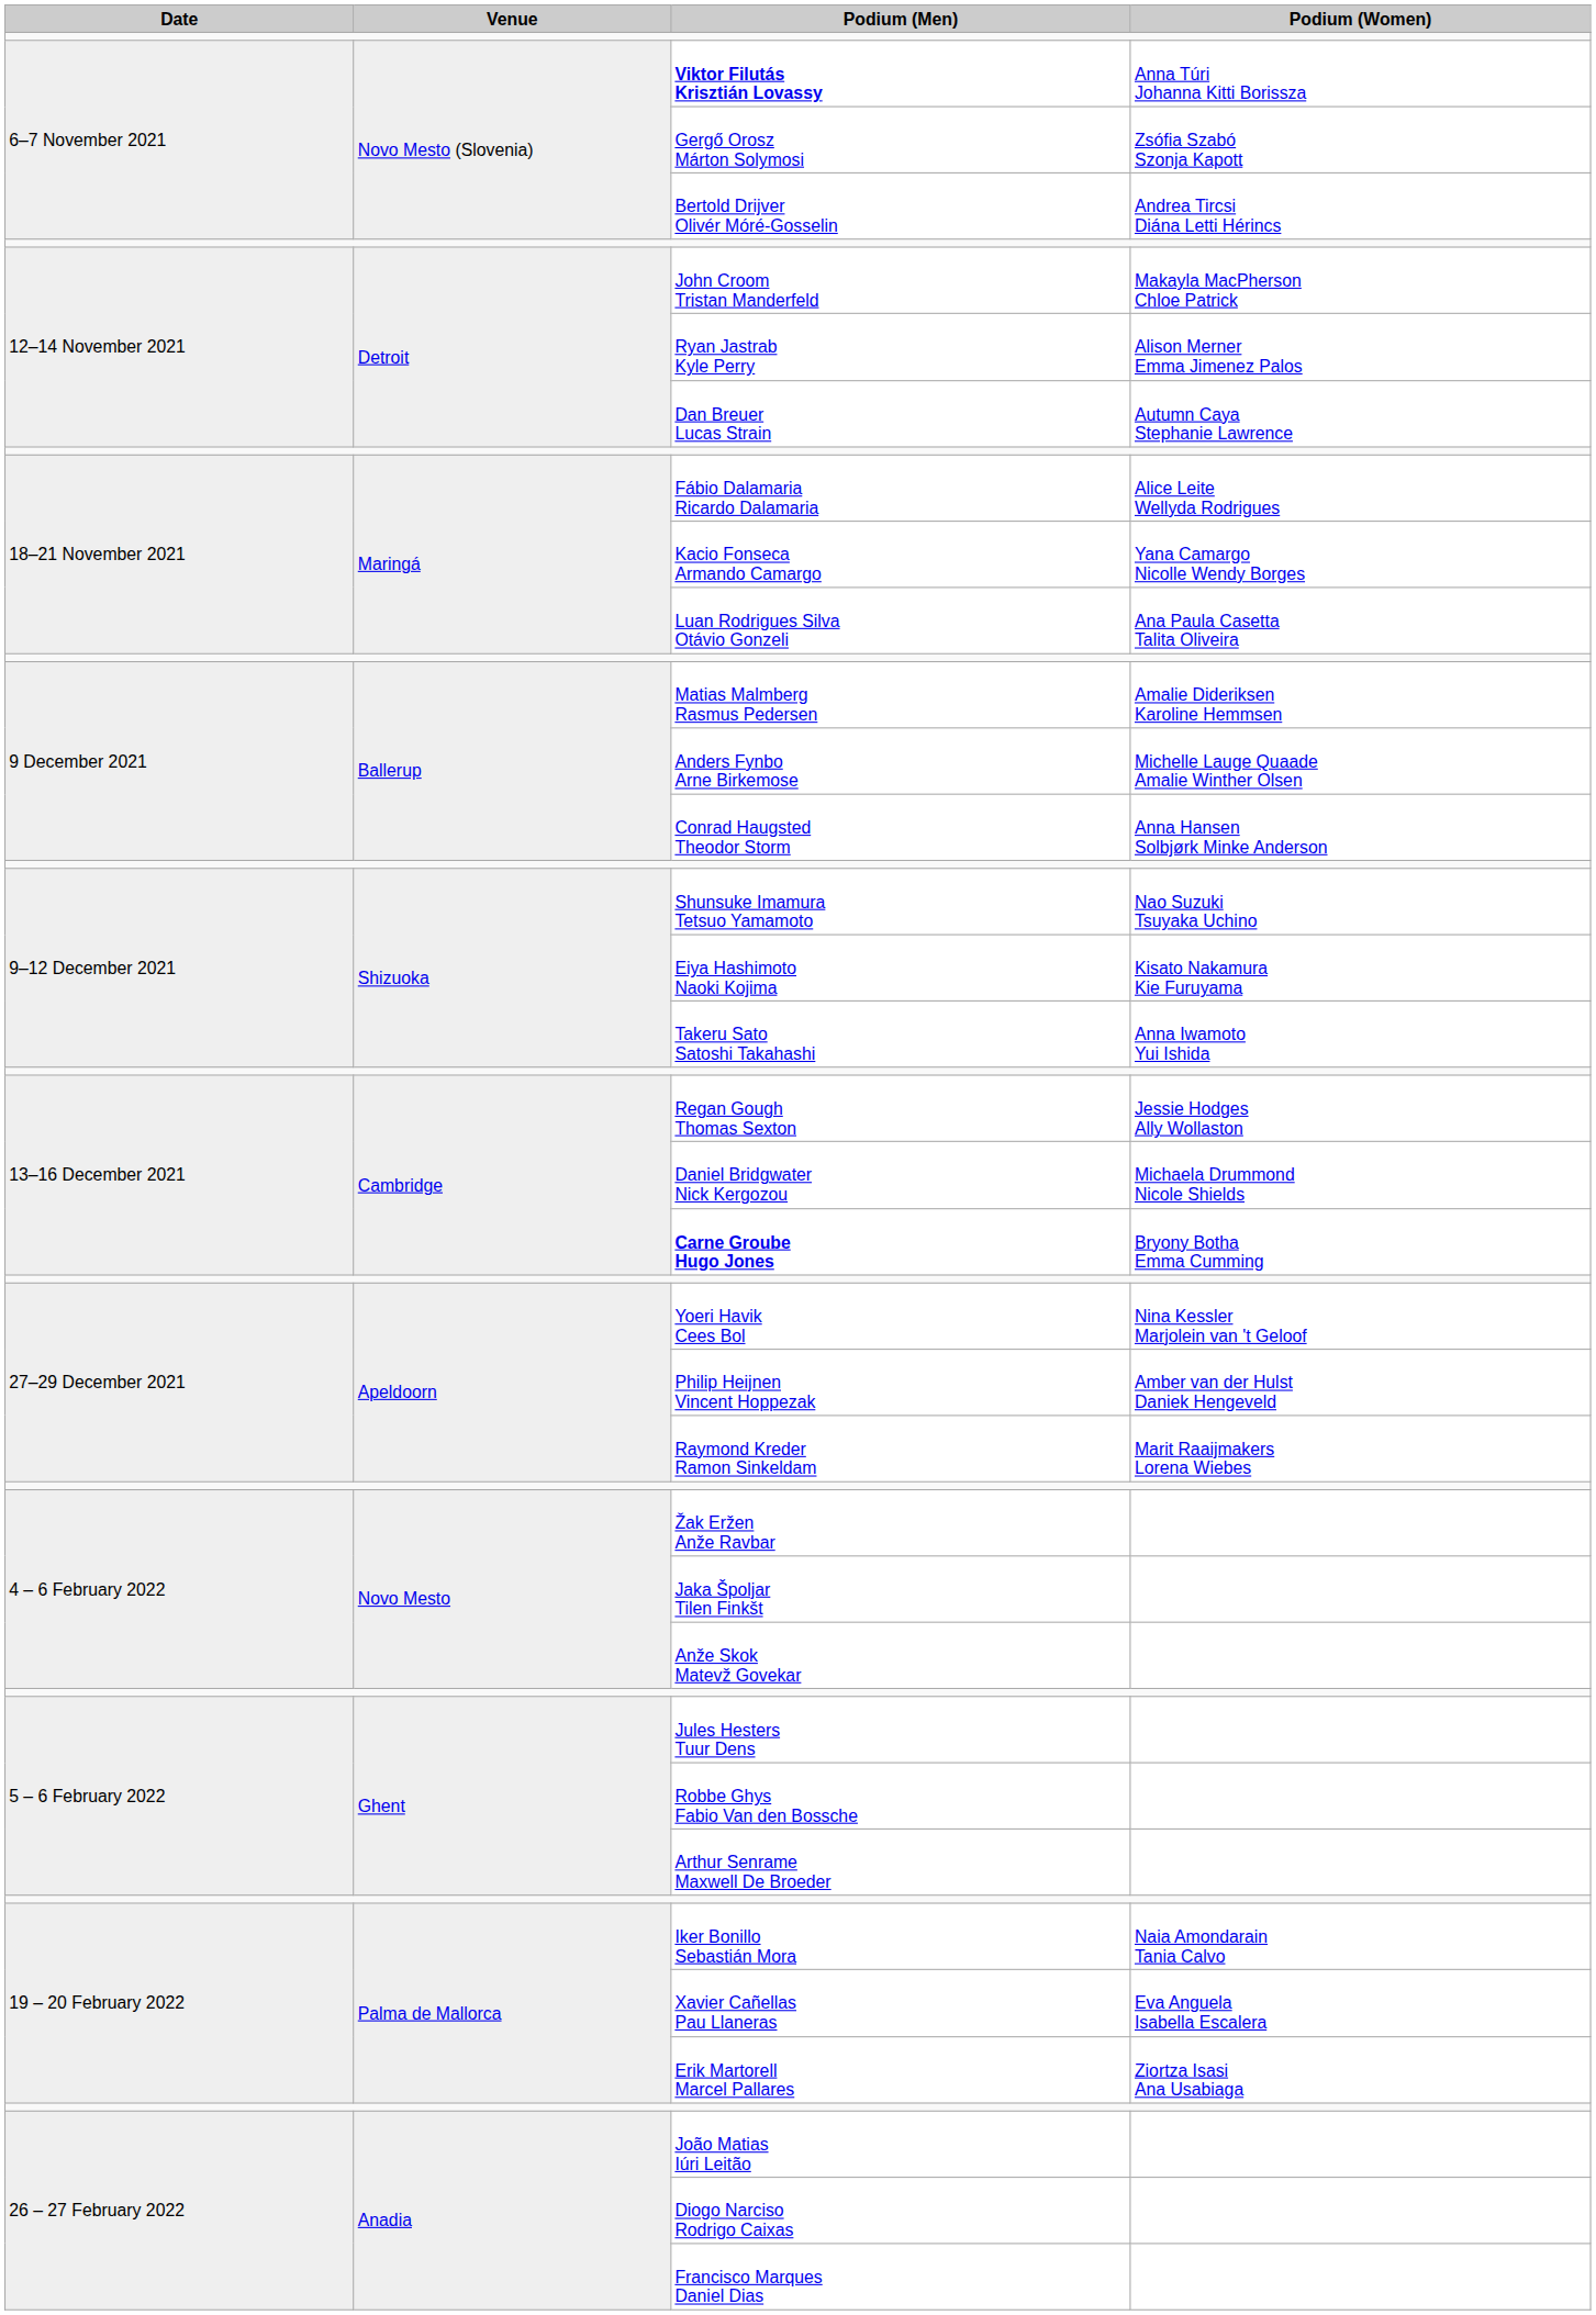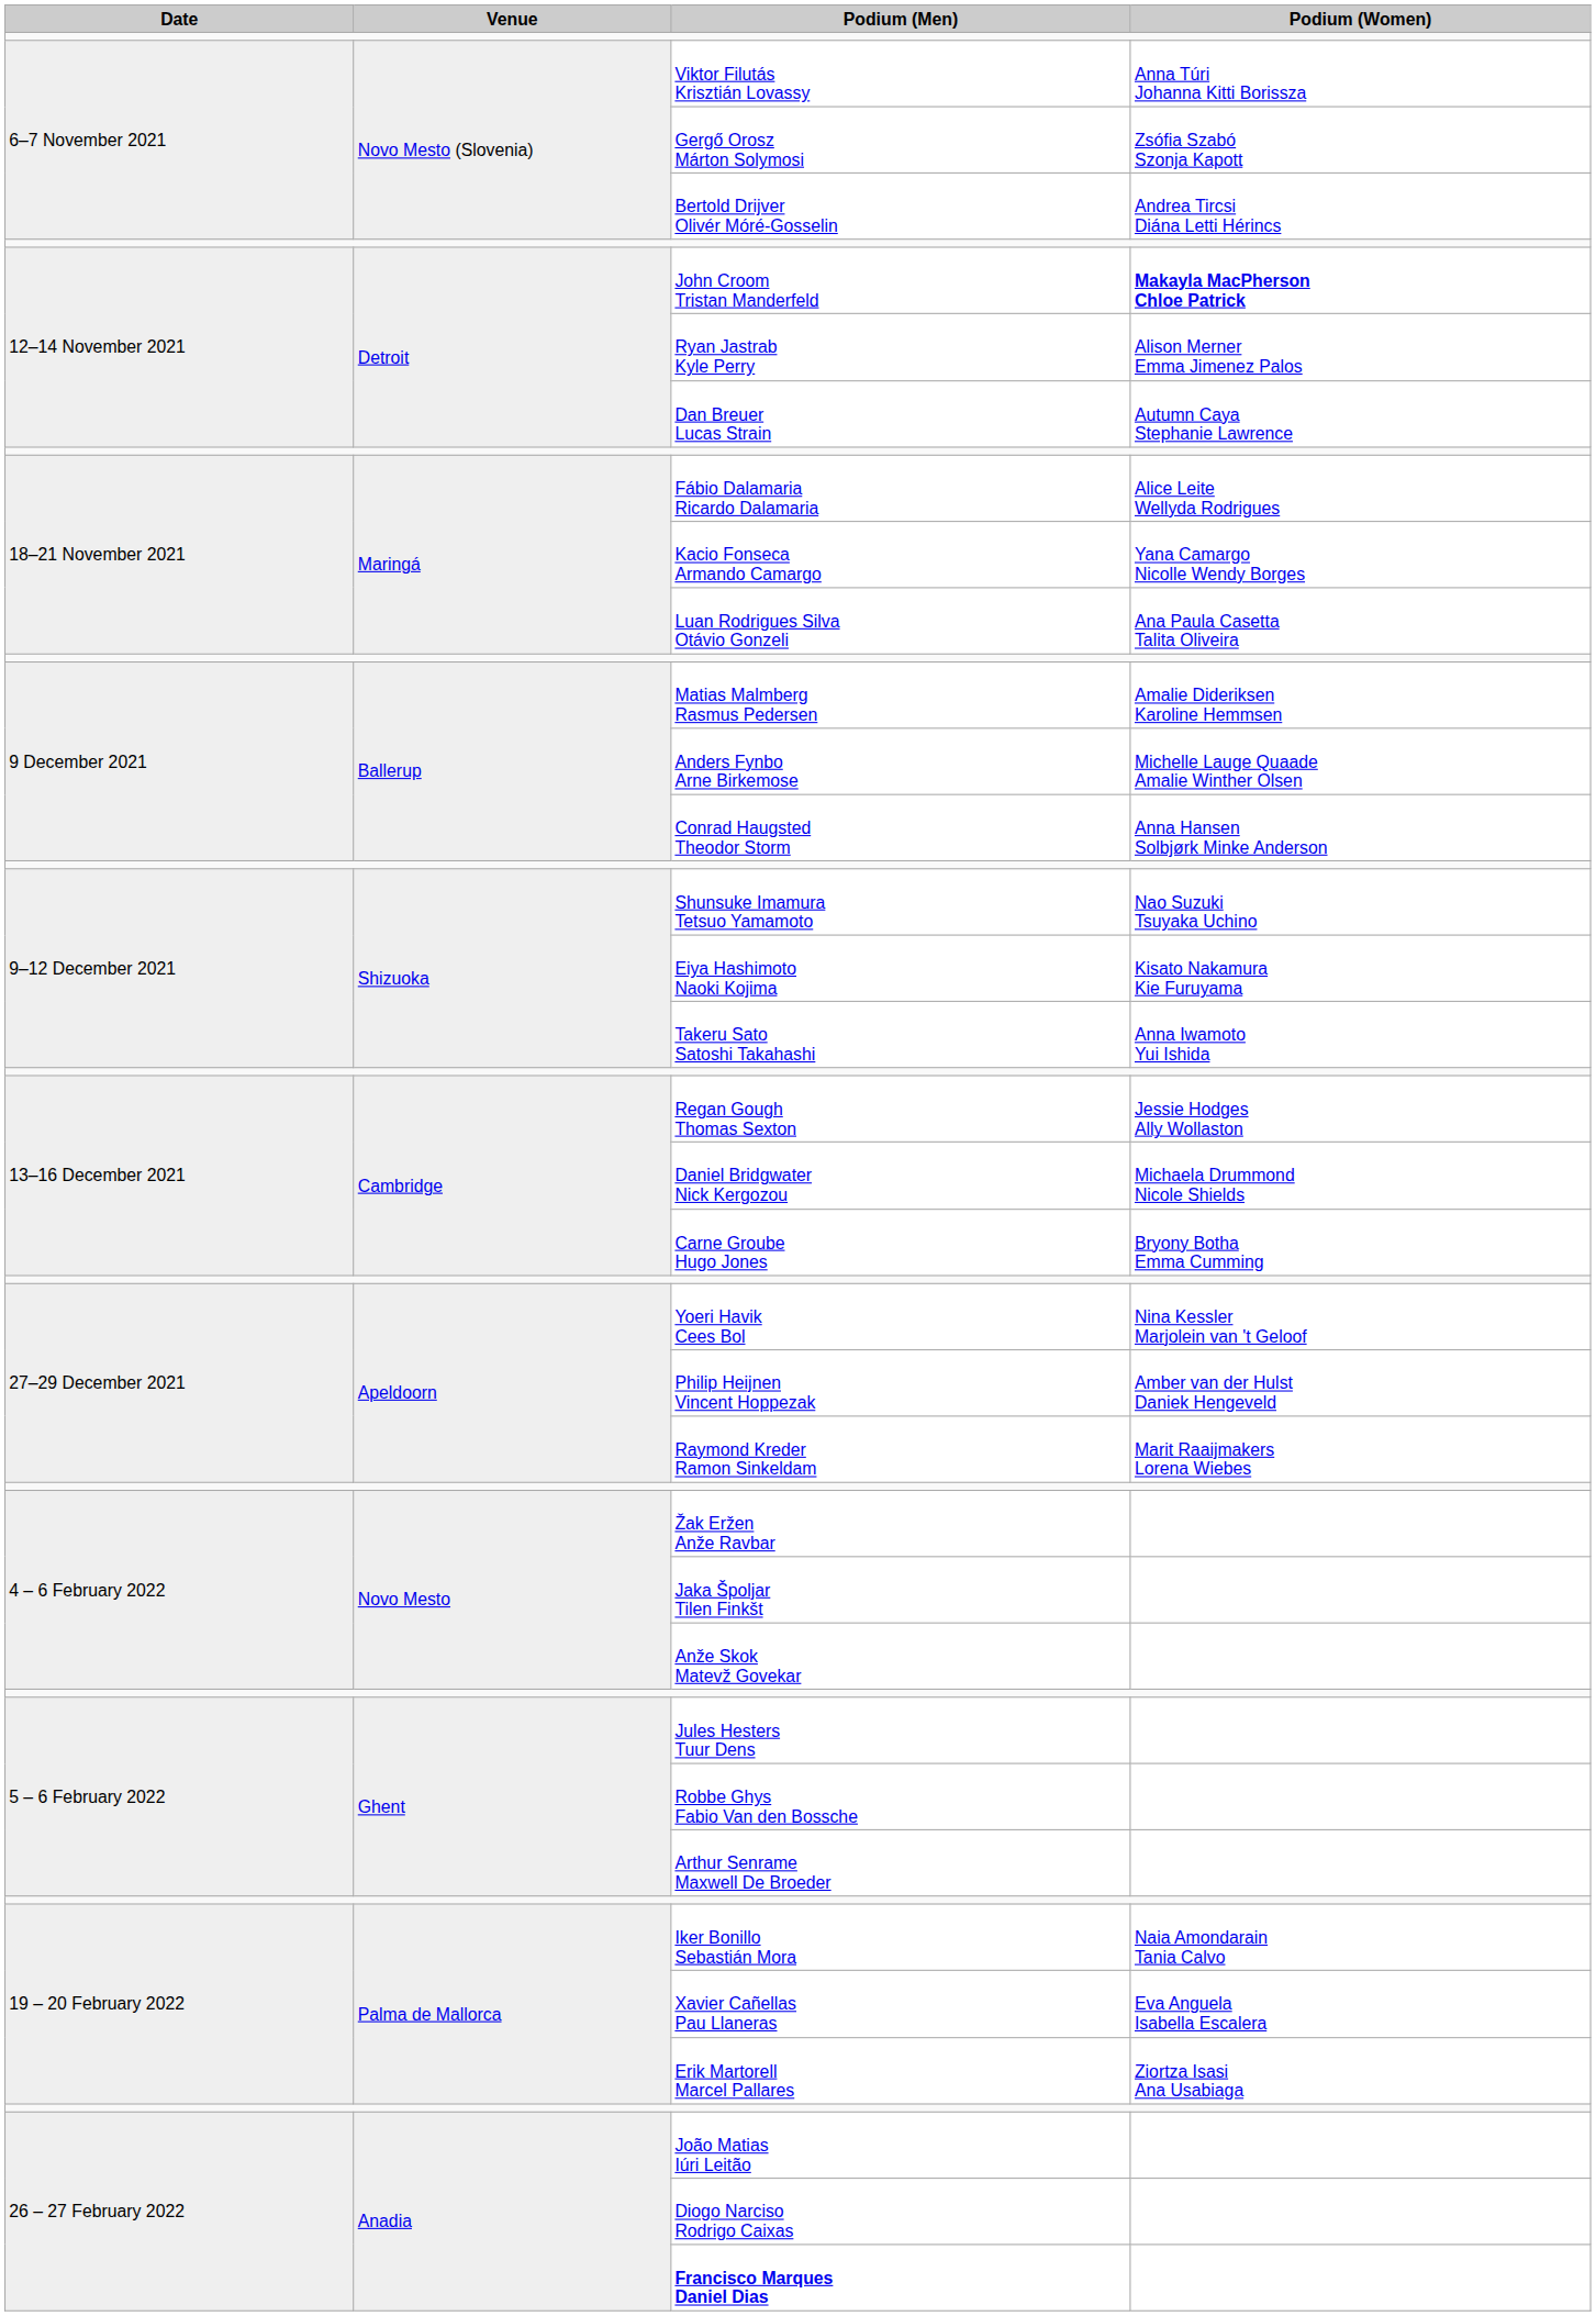 <table class="wikitable" width=70% bgcolor="#f7f8ff" cellpadding="3" cellspacing="0" border="1" style="font-size: 95%; border: gray solid 1px; border-collapse: collapse;">
 <tr bgcolor="#CCCCCC">
 <td align="center"><strong>Date</strong></td>
 <td width=20% align="center"><strong>Venue</strong></td>
 <td width=29% align="center"><strong>Podium (Men)</strong></td>
 <td width=29% align="center"><strong>Podium (Women)</strong></td>
 </tr>
 <tr bgcolor="#EFEFEF">
 </tr>
 <tr>
 <td colspan=4></td>
 </tr>
 <tr bgcolor="#EFEFEF">
 <td rowspan=3>6–7 November 2021</td>
 <td rowspan=3><br><a href='#'>Novo Mesto</a> (Slovenia)</td>
-<td bgcolor="#ffffff"><strong>   <br><a href='#'>Viktor Filutás</a><br><a href='#'>Krisztián Lovassy</a></strong></td>
+<td bgcolor="#ffffff">   <br><a href='#'>Viktor Filutás</a><br><a href='#'>Krisztián Lovassy</a></td>
 <td bgcolor="#ffffff">   <br><a href='#'>Anna Túri</a><br><a href='#'>Johanna Kitti Borissza</a></td>
 </tr>
 <tr>
 <td bgcolor="#ffffff">   <br><a href='#'>Gergő Orosz</a><br><a href='#'>Márton Solymosi</a></td>
 <td bgcolor="#ffffff">   <br><a href='#'>Zsófia Szabó</a><br><a href='#'>Szonja Kapott</a></td>
 </tr>
 <tr>
 <td bgcolor="#ffffff">   <br><a href='#'>Bertold Drijver</a><br><a href='#'>Olivér Móré-Gosselin</a></td>
 <td bgcolor="#ffffff">   <br><a href='#'>Andrea Tircsi</a><br><a href='#'>Diána Letti Hérincs</a></td>
 </tr>
 <tr>
 <td colspan=4></td>
 </tr>
 <tr bgcolor="#EFEFEF">
 <td rowspan=3>12–14 November 2021</td>
 <td rowspan=3><br><a href='#'>Detroit</a></td>
 <td bgcolor="#ffffff">   <br><a href='#'>John Croom</a><br><a href='#'>Tristan Manderfeld</a></td>
-<td bgcolor="#ffffff">   <br><a href='#'>Makayla MacPherson</a><br><a href='#'>Chloe Patrick</a></td>
+<td bgcolor="#ffffff"><strong>   <br><a href='#'>Makayla MacPherson</a><br><a href='#'>Chloe Patrick</a></strong></td>
 </tr>
 <tr>
 <td bgcolor="#ffffff">   <br><a href='#'>Ryan Jastrab</a><br><a href='#'>Kyle Perry</a></td>
 <td bgcolor="#ffffff">   <br><a href='#'>Alison Merner</a><br><a href='#'>Emma Jimenez Palos</a></td>
 </tr>
 <tr>
 <td bgcolor="#ffffff">   <br><a href='#'>Dan Breuer</a><br><a href='#'>Lucas Strain</a></td>
 <td bgcolor="#ffffff">   <br><a href='#'>Autumn Caya</a><br><a href='#'>Stephanie Lawrence</a></td>
 </tr>
 <tr>
 <td colspan=4></td>
 </tr>
 <tr bgcolor="#EFEFEF">
 <td rowspan=3>18–21 November 2021</td>
 <td rowspan=3><br><a href='#'>Maringá</a></td>
 <td bgcolor="#ffffff">   <br><a href='#'>Fábio Dalamaria</a><br><a href='#'>Ricardo Dalamaria</a></td>
 <td bgcolor="#ffffff">   <br><a href='#'>Alice Leite</a><br><a href='#'>Wellyda Rodrigues</a></td>
 </tr>
 <tr>
 <td bgcolor="#ffffff">   <br><a href='#'>Kacio Fonseca</a><br><a href='#'>Armando Camargo</a></td>
 <td bgcolor="#ffffff">   <br><a href='#'>Yana Camargo</a><br><a href='#'>Nicolle Wendy Borges</a></td>
 </tr>
 <tr>
 <td bgcolor="#ffffff">   <br><a href='#'>Luan Rodrigues Silva</a><br><a href='#'>Otávio Gonzeli</a></td>
 <td bgcolor="#ffffff">   <br><a href='#'>Ana Paula Casetta</a><br><a href='#'>Talita Oliveira</a></td>
 </tr>
 <tr>
 <td colspan=4></td>
 </tr>
 <tr bgcolor="#EFEFEF">
 <td rowspan=3>9 December 2021</td>
 <td rowspan=3><br><a href='#'>Ballerup</a></td>
 <td bgcolor="#ffffff">   <br><a href='#'>Matias Malmberg</a><br><a href='#'>Rasmus Pedersen</a></td>
 <td bgcolor="#ffffff">   <br><a href='#'>Amalie Dideriksen</a><br><a href='#'>Karoline Hemmsen</a></td>
 </tr>
 <tr>
 <td bgcolor="#ffffff">   <br><a href='#'>Anders Fynbo</a><br><a href='#'>Arne Birkemose</a></td>
 <td bgcolor="#ffffff">   <br><a href='#'>Michelle Lauge Quaade</a><br><a href='#'>Amalie Winther Olsen</a></td>
 </tr>
 <tr>
 <td bgcolor="#ffffff">   <br><a href='#'>Conrad Haugsted</a><br><a href='#'>Theodor Storm</a></td>
 <td bgcolor="#ffffff">   <br><a href='#'>Anna Hansen</a><br><a href='#'>Solbjørk Minke Anderson</a></td>
 </tr>
 <tr>
 <td colspan=4></td>
 </tr>
 <tr bgcolor="#EFEFEF">
 <td rowspan=3>9–12 December 2021</td>
 <td rowspan=3><br><a href='#'>Shizuoka</a></td>
 <td bgcolor="#ffffff">   <br><a href='#'>Shunsuke Imamura</a><br><a href='#'>Tetsuo Yamamoto</a></td>
 <td bgcolor="#ffffff">   <br><a href='#'>Nao Suzuki</a><br><a href='#'>Tsuyaka Uchino</a></td>
 </tr>
 <tr>
 <td bgcolor="#ffffff">   <br><a href='#'>Eiya Hashimoto</a><br><a href='#'>Naoki Kojima</a></td>
 <td bgcolor="#ffffff">   <br><a href='#'>Kisato Nakamura</a><br><a href='#'>Kie Furuyama</a></td>
 </tr>
 <tr>
 <td bgcolor="#ffffff">   <br><a href='#'>Takeru Sato</a><br><a href='#'>Satoshi Takahashi</a></td>
 <td bgcolor="#ffffff">   <br><a href='#'>Anna Iwamoto</a><br><a href='#'>Yui Ishida</a></td>
 </tr>
 <tr>
 <td colspan=4></td>
 </tr>
 <tr bgcolor="#EFEFEF">
 <td rowspan=3>13–16 December 2021</td>
 <td rowspan=3><br><a href='#'>Cambridge</a></td>
 <td bgcolor="#ffffff">   <br><a href='#'>Regan Gough</a><br><a href='#'>Thomas Sexton</a></td>
 <td bgcolor="#ffffff">   <br><a href='#'>Jessie Hodges</a><br><a href='#'>Ally Wollaston</a></td>
 </tr>
 <tr>
 <td bgcolor="#ffffff">   <br><a href='#'>Daniel Bridgwater</a><br><a href='#'>Nick Kergozou</a></td>
 <td bgcolor="#ffffff">   <br><a href='#'>Michaela Drummond</a><br><a href='#'>Nicole Shields</a></td>
 </tr>
 <tr>
-<td bgcolor="#ffffff"><strong>   <br><a href='#'>Carne Groube</a><br><a href='#'>Hugo Jones</a></strong></td>
+<td bgcolor="#ffffff">   <br><a href='#'>Carne Groube</a><br><a href='#'>Hugo Jones</a></td>
 <td bgcolor="#ffffff">   <br><a href='#'>Bryony Botha</a><br><a href='#'>Emma Cumming</a></td>
 </tr>
 <tr>
 <td colspan=4></td>
 </tr>
 <tr bgcolor="#EFEFEF">
 <td rowspan=3>27–29 December 2021</td>
 <td rowspan=3><br><a href='#'>Apeldoorn</a></td>
 <td bgcolor="#ffffff">   <br><a href='#'>Yoeri Havik</a><br><a href='#'>Cees Bol</a></td>
 <td bgcolor="#ffffff">   <br><a href='#'>Nina Kessler</a><br><a href='#'>Marjolein van 't Geloof</a></td>
 </tr>
 <tr>
 <td bgcolor="#ffffff">   <br><a href='#'>Philip Heijnen</a><br><a href='#'>Vincent Hoppezak</a></td>
 <td bgcolor="#ffffff">   <br><a href='#'>Amber van der Hulst</a><br><a href='#'>Daniek Hengeveld</a></td>
 </tr>
 <tr>
 <td bgcolor="#ffffff">   <br><a href='#'>Raymond Kreder</a><br><a href='#'>Ramon Sinkeldam</a></td>
 <td bgcolor="#ffffff">   <br><a href='#'>Marit Raaijmakers</a><br><a href='#'>Lorena Wiebes</a></td>
 </tr>
 <tr>
 <td colspan=4></td>
 </tr>
 <tr bgcolor="#EFEFEF">
 <td rowspan=3>4 – 6 February 2022</td>
 <td rowspan=3><br><a href='#'>Novo Mesto</a></td>
 <td bgcolor="#ffffff">   <br><a href='#'>Žak Eržen</a><br><a href='#'>Anže Ravbar</a></td>
 <td bgcolor="#ffffff">   <br><a href='#'></a></td>
 </tr>
 <tr>
 <td bgcolor="#ffffff">   <br><a href='#'>Jaka Špoljar</a><br><a href='#'>Tilen Finkšt</a></td>
 <td bgcolor="#ffffff">   <br><a href='#'></a></td>
 </tr>
 <tr>
 <td bgcolor="#ffffff">   <br><a href='#'>Anže Skok</a><br><a href='#'>Matevž Govekar</a></td>
 <td bgcolor="#ffffff">   <br><a href='#'></a></td>
 </tr>
 <tr>
 <td colspan=4></td>
 </tr>
 <tr bgcolor="#EFEFEF">
 <td rowspan=3>5 – 6 February 2022</td>
 <td rowspan=3><br><a href='#'>Ghent</a></td>
 <td bgcolor="#ffffff">   <br><a href='#'>Jules Hesters</a><br><a href='#'>Tuur Dens</a></td>
 <td bgcolor="#ffffff">   <br></td>
 </tr>
 <tr>
 <td bgcolor="#ffffff">   <br><a href='#'>Robbe Ghys</a><br><a href='#'>Fabio Van den Bossche</a></td>
 <td bgcolor="#ffffff">   <br></td>
 </tr>
 <tr>
 <td bgcolor="#ffffff">   <br><a href='#'>Arthur Senrame</a><br><a href='#'>Maxwell De Broeder</a></td>
 <td bgcolor="#ffffff">   <br></td>
 </tr>
 <tr>
 <td colspan=4></td>
 </tr>
 <tr bgcolor="#EFEFEF">
 <td rowspan=3>19 – 20 February 2022</td>
 <td rowspan=3><br><a href='#'>Palma de Mallorca</a></td>
 <td bgcolor="#ffffff">   <br><a href='#'>Iker Bonillo</a><br><a href='#'>Sebastián Mora</a></td>
 <td bgcolor="#ffffff">   <br><a href='#'>Naia Amondarain</a><br><a href='#'>Tania Calvo</a></td>
 </tr>
 <tr>
 <td bgcolor="#ffffff">   <br><a href='#'>Xavier Cañellas</a><br><a href='#'>Pau Llaneras</a></td>
 <td bgcolor="#ffffff">   <br><a href='#'>Eva Anguela</a><br><a href='#'>Isabella Escalera</a></td>
 </tr>
 <tr>
 <td bgcolor="#ffffff">   <br><a href='#'>Erik Martorell</a><br><a href='#'>Marcel Pallares</a></td>
 <td bgcolor="#ffffff">   <br><a href='#'>Ziortza Isasi</a><br><a href='#'>Ana Usabiaga</a></td>
 </tr>
 <tr>
 <td colspan=4></td>
 </tr>
 <tr bgcolor="#EFEFEF">
 <td rowspan=3>26 – 27 February 2022</td>
 <td rowspan=3><br><a href='#'>Anadia</a></td>
 <td bgcolor="#ffffff">   <br><a href='#'>João Matias</a><br><a href='#'>Iúri Leitão</a></td>
 <td bgcolor="#ffffff">  </td>
 </tr>
 <tr>
 <td bgcolor="#ffffff">   <br><a href='#'>Diogo Narciso</a><br><a href='#'>Rodrigo Caixas</a></td>
 <td bgcolor="#ffffff">  </td>
 </tr>
 <tr>
-<td bgcolor="#ffffff">   <br><a href='#'>Francisco Marques</a><br><a href='#'>Daniel Dias</a></td>
+<td bgcolor="#ffffff"><strong>   <br><a href='#'>Francisco Marques</a><br><a href='#'>Daniel Dias</a></strong></td>
 <td bgcolor="#ffffff">  </td>
 </tr>
 </table>
